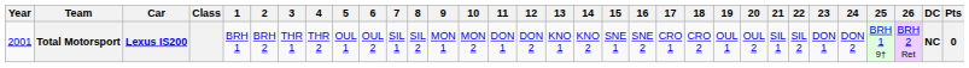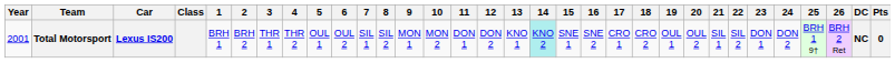 <table class="wikitable" style="text-align:center; font-size:85%">
 <tr>
 <th>Year</th>
 <th>Team</th>
 <th>Car</th>
 <th>Class</th>
 <th>1</th>
 <th>2</th>
 <th>3</th>
 <th>4</th>
 <th>5</th>
 <th>6</th>
 <th>7</th>
 <th>8</th>
 <th>9</th>
 <th>10</th>
 <th>11</th>
 <th>12</th>
 <th>13</th>
 <th>14</th>
 <th>15</th>
 <th>16</th>
 <th>17</th>
 <th>18</th>
 <th>19</th>
 <th>20</th>
 <th>21</th>
 <th>22</th>
 <th>23</th>
 <th>24</th>
 <th>25</th>
 <th>26</th>
 <th>DC</th>
 <th>Pts</th>
 </tr>
 <tr>
 <td><a href='#'>2001</a></td>
 <th nowrap>Total Motorsport</th>
 <th nowrap><a href='#'>Lexus IS200</a></th>
 <th><span></span></th>
 <td><a href='#'>BRH<br>1</a><br><small></small></td>
 <td><a href='#'>BRH<br>2</a><br><small></small></td>
 <td><a href='#'>THR<br>1</a><br><small></small></td>
 <td><a href='#'>THR<br>2</a><br><small></small></td>
 <td><a href='#'>OUL<br>1</a><br><small></small></td>
 <td><a href='#'>OUL<br>2</a><br><small></small></td>
 <td><a href='#'>SIL<br>1</a><br><small></small></td>
 <td><a href='#'>SIL<br>2</a><br><small></small></td>
 <td><a href='#'>MON<br>1</a><br><small></small></td>
 <td><a href='#'>MON<br>2</a><br><small></small></td>
 <td><a href='#'>DON<br>1</a><br><small></small></td>
 <td><a href='#'>DON<br>2</a><br><small></small></td>
 <td><a href='#'>KNO<br>1</a><br><small></small></td>
-<td><a href='#'>KNO<br>2</a><br><small></small></td>
+<td style="background: paleturquoise;"><a href='#'>KNO<br>2</a><br><small></small></td>
 <td><a href='#'>SNE<br>1</a><br><small></small></td>
 <td><a href='#'>SNE<br>2</a><br><small></small></td>
 <td><a href='#'>CRO<br>1</a><br><small></small></td>
 <td><a href='#'>CRO<br>2</a><br><small></small></td>
 <td><a href='#'>OUL<br>1</a><br><small></small></td>
 <td><a href='#'>OUL<br>2</a><br><small></small></td>
 <td><a href='#'>SIL<br>1</a><br><small></small></td>
 <td><a href='#'>SIL<br>2</a><br><small></small></td>
 <td><a href='#'>DON<br>1</a><br><small></small></td>
 <td><a href='#'>DON<br>2</a><br><small></small></td>
 <td style="background:#DFFFDF;"><a href='#'>BRH<br>1</a><br><small>9†</small></td>
 <td style="background:#EFCFFF;"><a href='#'>BRH<br>2</a><br><small>Ret</small></td>
 <th>NC</th>
 <th>0</th>
 </tr>
 </table>
